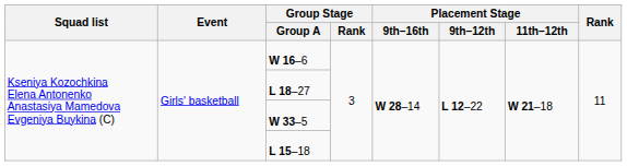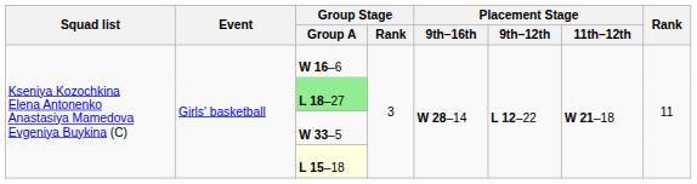 <table class="wikitable" width="90%" style="text-align:left; font-size:90%">
 <tr>
 <th rowspan="2">Squad list</th>
 <th rowspan="2">Event</th>
 <th colspan="2">Group Stage</th>
 <th colspan="3">Placement Stage</th>
 <th rowspan="2">Rank</th>
 </tr>
 <tr>
 <th>Group A</th>
 <th>Rank</th>
 <th>9th–16th</th>
 <th>9th–12th</th>
 <th>11th–12th</th>
 </tr>
 <tr>
 <td rowspan="4"><a href='#'>Kseniya Kozochkina</a><br><a href='#'>Elena Antonenko</a><br><a href='#'>Anastasiya Mamedova</a><br><a href='#'>Evgeniya Buykina</a> (C)</td>
 <td rowspan="4"><a href='#'>Girls' basketball</a></td>
 <td><br> <strong>W</strong> <strong>16</strong>–6</td>
 <td rowspan="4" align=center>3</td>
 <td rowspan="4"> <br> <strong>W</strong> <strong>28</strong>–14</td>
 <td rowspan="4"> <br> <strong>L</strong> <strong>12</strong>–22</td>
 <td rowspan="4"> <br> <strong>W</strong> <strong>21</strong>–18</td>
 <td rowspan="4" align="center">11</td>
 </tr>
 <tr>
-<td><br> <strong>L</strong> <strong>18</strong>–27</td>
+<td style="background: lightgreen;"><br> <strong>L</strong> <strong>18</strong>–27</td>
 </tr>
 <tr>
 <td><br> <strong>W</strong> <strong>33</strong>–5</td>
 </tr>
 <tr>
-<td><br> <strong>L</strong> <strong>15</strong>–18</td>
+<td style="background: lightyellow;"><br> <strong>L</strong> <strong>15</strong>–18</td>
 </tr>
 </table>
